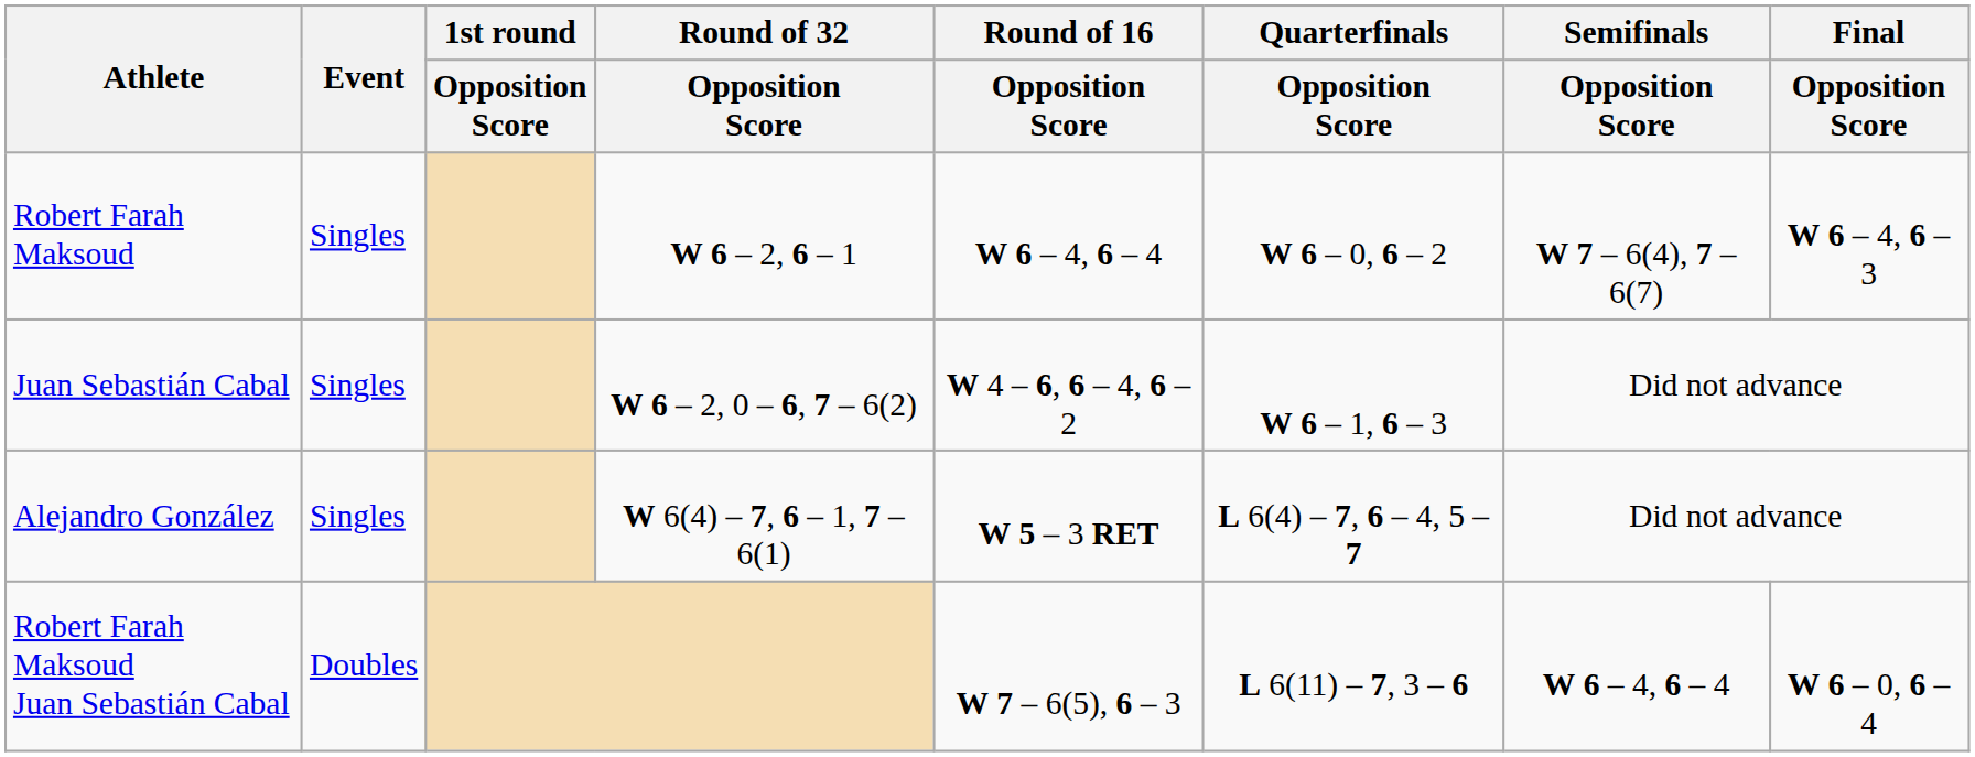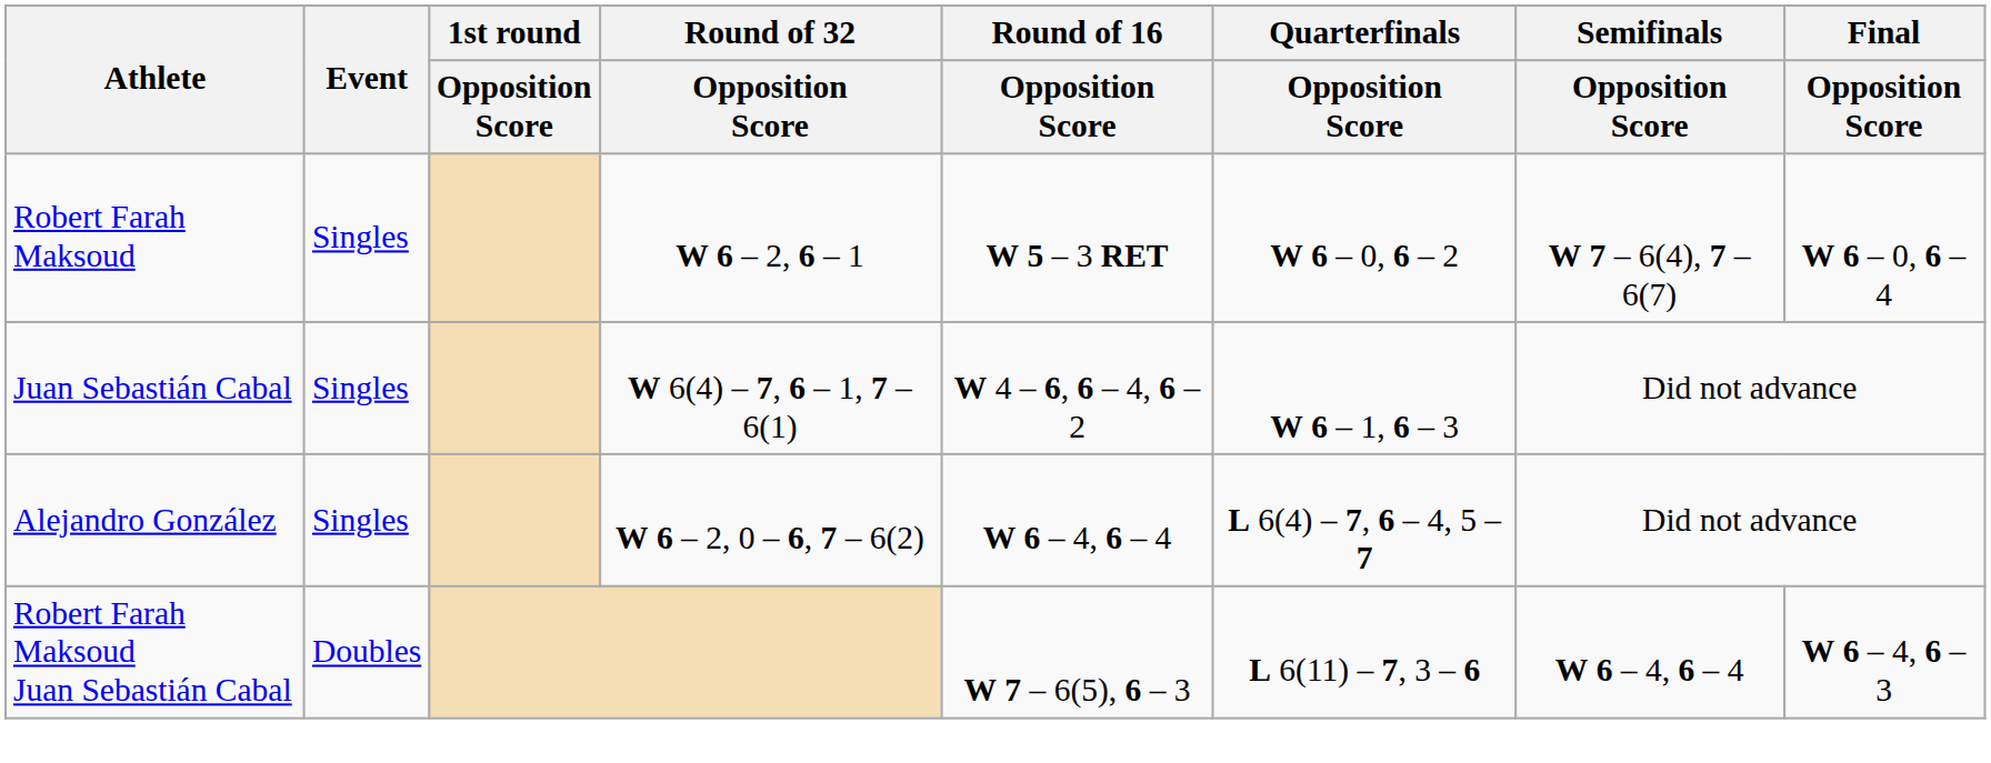 <table class="wikitable" border="1" style="font-size:90%">
 <tr>
 <th rowspan=2>Athlete</th>
 <th rowspan=2>Event</th>
 <th>1st round</th>
 <th>Round of 32</th>
 <th>Round of 16</th>
 <th>Quarterfinals</th>
 <th>Semifinals</th>
 <th>Final</th>
 </tr>
 <tr>
 <th>Opposition<br>Score</th>
 <th>Opposition<br>Score</th>
 <th>Opposition<br>Score</th>
 <th>Opposition<br>Score</th>
 <th>Opposition<br>Score</th>
 <th>Opposition<br>Score</th>
 </tr>
 <tr>
 <td><a href='#'>Robert Farah Maksoud</a></td>
 <td><a href='#'>Singles</a></td>
 <td align=center bgcolor=wheat></td>
 <td align=center><br><strong>W</strong> <strong>6</strong> – 2, <strong>6</strong> – 1</td>
-<td align=center><br><strong>W</strong> <strong>6</strong> – 4, <strong>6</strong> – 4</td>
+<td align=center><br><strong>W</strong> <strong>5</strong> – 3 <strong>RET</strong></td>
 <td align=center><br><strong>W</strong> <strong>6</strong> – 0, <strong>6</strong> – 2</td>
 <td align=center><br><br><strong>W</strong> <strong>7</strong> – 6(4), <strong>7</strong> – 6(7)</td>
-<td align=center><br><strong>W</strong> <strong>6</strong> – 4, <strong>6</strong> – 3<br></td>
+<td align=center><br><br><strong>W</strong> <strong>6</strong> – 0, <strong>6</strong> – 4<br></td>
 </tr>
 <tr>
 <td><a href='#'>Juan Sebastián Cabal</a></td>
 <td><a href='#'>Singles</a></td>
 <td align=center bgcolor=wheat></td>
-<td align=center><br><strong>W</strong> <strong>6</strong> – 2, 0 – <strong>6</strong>, <strong>7</strong> – 6(2)</td>
+<td align=center><br><strong>W</strong> 6(4) – <strong>7</strong>, <strong>6</strong> – 1, <strong>7</strong> – 6(1)</td>
 <td align=center><br><strong>W</strong> 4 – <strong>6</strong>, <strong>6</strong> – 4, <strong>6</strong> – 2</td>
 <td align=center><br><br><strong>W</strong> <strong>6</strong> – 1, <strong>6</strong> – 3</td>
 <td align="center" colspan="7">Did not advance</td>
 </tr>
 <tr>
 <td><a href='#'>Alejandro González</a></td>
 <td><a href='#'>Singles</a></td>
 <td align=center bgcolor=wheat></td>
-<td align=center><br><strong>W</strong> 6(4) – <strong>7</strong>, <strong>6</strong> – 1, <strong>7</strong> – 6(1)</td>
-<td align=center><br><strong>W</strong> <strong>5</strong> – 3 <strong>RET</strong></td>
+<td align=center><br><strong>W</strong> <strong>6</strong> – 2, 0 – <strong>6</strong>, <strong>7</strong> – 6(2)</td>
+<td align=center><br><strong>W</strong> <strong>6</strong> – 4, <strong>6</strong> – 4</td>
 <td align=center><br><strong>L</strong> 6(4) – <strong>7</strong>, <strong>6</strong> – 4, 5 – <strong>7</strong></td>
 <td align="center" colspan="7">Did not advance</td>
 </tr>
 <tr>
 <td><a href='#'>Robert Farah Maksoud</a><br><a href='#'>Juan Sebastián Cabal</a></td>
 <td><a href='#'>Doubles</a></td>
 <td align=center bgcolor=wheat colspan=2></td>
 <td align=center><br><br><strong>W</strong> <strong>7</strong> – 6(5), <strong>6</strong> – 3</td>
 <td align=center><br><strong>L</strong> 6(11) – <strong>7</strong>, 3 – <strong>6</strong></td>
 <td align=center><br><strong>W</strong> <strong>6</strong> – 4, <strong>6</strong> – 4</td>
-<td align=center><br><br><strong>W</strong> <strong>6</strong> – 0, <strong>6</strong> – 4<br></td>
+<td align=center><br><strong>W</strong> <strong>6</strong> – 4, <strong>6</strong> – 3<br></td>
 </tr>
 </table>
